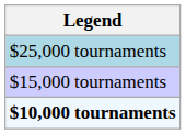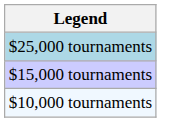 <table class="wikitable" style="font-size:85%;">
 <tr>
 <th>Legend</th>
 </tr>
 <tr style="background:lightblue;">
 <td>$25,000 tournaments</td>
 </tr>
 <tr style="background:#ccccff;">
 <td>$15,000 tournaments</td>
 </tr>
 <tr style="background:#f0f8ff;">
-<td><strong>$10,000 tournaments</strong></td>
+<td>$10,000 tournaments</td>
 </tr>
 </table>
